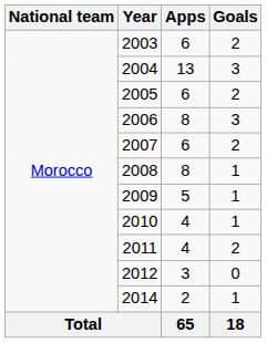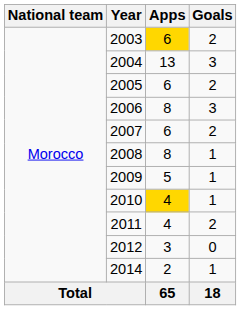 <table class="wikitable" style="text-align:center">
 <tr>
 <th>National team</th>
 <th>Year</th>
 <th>Apps</th>
 <th>Goals</th>
 </tr>
 <tr>
 <td rowspan="11"><a href='#'>Morocco</a></td>
 <td>2003</td>
-<td>6</td>
+<td style="background: gold;">6</td>
 <td>2</td>
 </tr>
 <tr>
 <td>2004</td>
 <td>13</td>
 <td>3</td>
 </tr>
 <tr>
 <td>2005</td>
 <td>6</td>
 <td>2</td>
 </tr>
 <tr>
 <td>2006</td>
 <td>8</td>
 <td>3</td>
 </tr>
 <tr>
 <td>2007</td>
 <td>6</td>
 <td>2</td>
 </tr>
 <tr>
 <td>2008</td>
 <td>8</td>
 <td>1</td>
 </tr>
 <tr>
 <td>2009</td>
 <td>5</td>
 <td>1</td>
 </tr>
 <tr>
 <td>2010</td>
-<td>4</td>
+<td style="background: gold;">4</td>
 <td>1</td>
 </tr>
 <tr>
 <td>2011</td>
 <td>4</td>
 <td>2</td>
 </tr>
 <tr>
 <td>2012</td>
 <td>3</td>
 <td>0</td>
 </tr>
 <tr>
 <td>2014</td>
 <td>2</td>
 <td>1</td>
 </tr>
 <tr>
 <th colspan="2">Total</th>
 <th>65</th>
 <th>18</th>
 </tr>
 </table>
